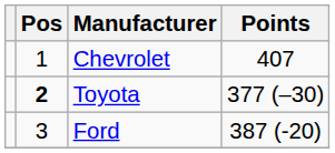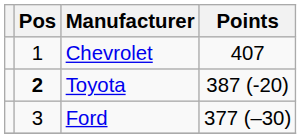 <table class="wikitable" style="font-size: 95%;">
 <tr>
 <th></th>
 <th>Pos</th>
 <th>Manufacturer</th>
 <th>Points</th>
 </tr>
 <tr>
 <td align="left"></td>
 <td style="text-align:center;">1</td>
 <td><a href='#'>Chevrolet</a></td>
 <td style="text-align:center;">407</td>
 </tr>
 <tr>
 <td align="left"></td>
 <td style="text-align:center;"><strong>2</strong></td>
 <td><a href='#'>Toyota</a></td>
-<td style="text-align:center;">377 (–30)</td>
+<td style="text-align:center;">387 (-20)</td>
 </tr>
 <tr>
 <td align="left"></td>
 <td style="text-align:center;">3</td>
 <td><a href='#'>Ford</a></td>
-<td style="text-align:center;">387 (-20)</td>
+<td style="text-align:center;">377 (–30)</td>
 </tr>
 <tr class="sortbottom">
 </tr>
 </table>
